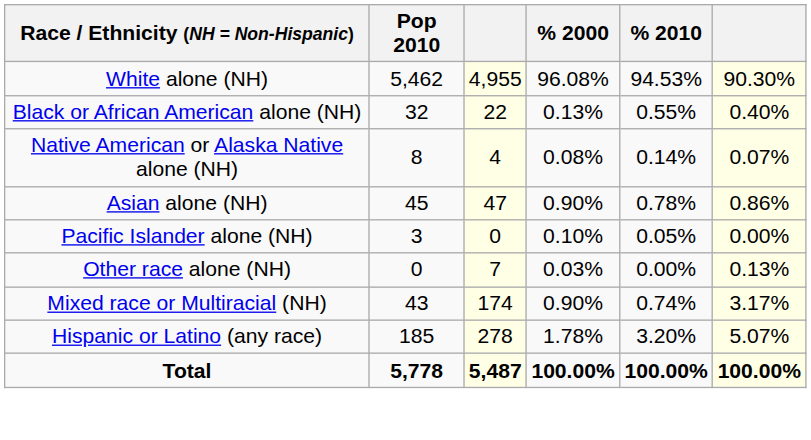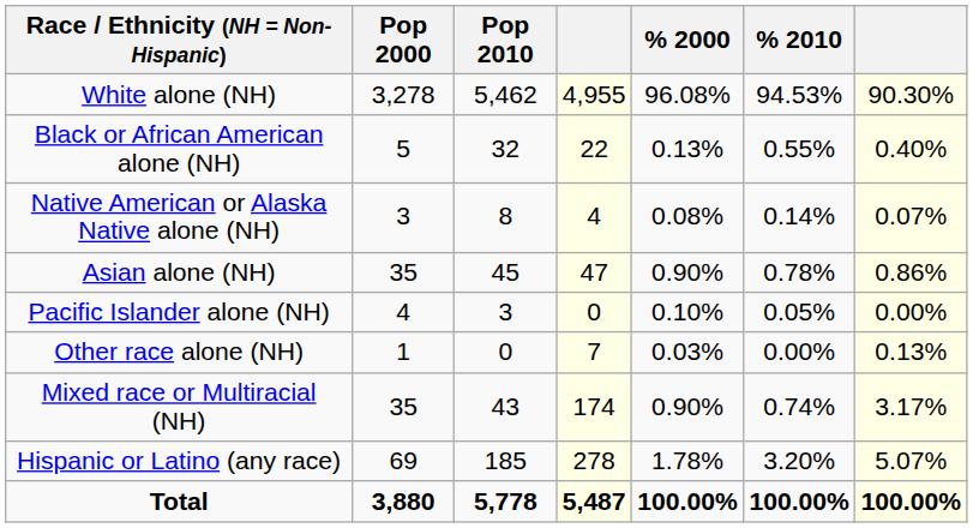 <table class="wikitable" style="text-align:center;">
 <tr>
 <th>Race / Ethnicity <small>(<em>NH = Non-Hispanic</em>)</small></th>
+<th>Pop 2000</th>
 <th>Pop 2010</th>
 <th></th>
 <th>% 2000</th>
 <th>% 2010</th>
 <th></th>
 </tr>
 <tr>
 <td><a href='#'>White</a> alone (NH)</td>
+<td>3,278</td>
 <td>5,462</td>
 <td style='background: #ffffe6;'>4,955</td>
 <td>96.08%</td>
 <td>94.53%</td>
 <td style='background: #ffffe6;'>90.30%</td>
 </tr>
 <tr>
 <td><a href='#'>Black or African American</a> alone (NH)</td>
+<td>5</td>
 <td>32</td>
 <td style='background: #ffffe6;'>22</td>
 <td>0.13%</td>
 <td>0.55%</td>
 <td style='background: #ffffe6;'>0.40%</td>
 </tr>
 <tr>
 <td><a href='#'>Native American</a> or <a href='#'>Alaska Native</a> alone (NH)</td>
+<td>3</td>
 <td>8</td>
 <td style='background: #ffffe6;'>4</td>
 <td>0.08%</td>
 <td>0.14%</td>
 <td style='background: #ffffe6;'>0.07%</td>
 </tr>
 <tr>
 <td><a href='#'>Asian</a> alone (NH)</td>
+<td>35</td>
 <td>45</td>
 <td style='background: #ffffe6;'>47</td>
 <td>0.90%</td>
 <td>0.78%</td>
 <td style='background: #ffffe6;'>0.86%</td>
 </tr>
 <tr>
 <td><a href='#'>Pacific Islander</a> alone (NH)</td>
+<td>4</td>
 <td>3</td>
 <td style='background: #ffffe6;'>0</td>
 <td>0.10%</td>
 <td>0.05%</td>
 <td style='background: #ffffe6;'>0.00%</td>
 </tr>
 <tr>
 <td><a href='#'>Other race</a> alone (NH)</td>
+<td>1</td>
 <td>0</td>
 <td style='background: #ffffe6;'>7</td>
 <td>0.03%</td>
 <td>0.00%</td>
 <td style='background: #ffffe6;'>0.13%</td>
 </tr>
 <tr>
 <td><a href='#'>Mixed race or Multiracial</a> (NH)</td>
+<td>35</td>
 <td>43</td>
 <td style='background: #ffffe6;'>174</td>
 <td>0.90%</td>
 <td>0.74%</td>
 <td style='background: #ffffe6;'>3.17%</td>
 </tr>
 <tr>
 <td><a href='#'>Hispanic or Latino</a> (any race)</td>
+<td>69</td>
 <td>185</td>
 <td style='background: #ffffe6;'>278</td>
 <td>1.78%</td>
 <td>3.20%</td>
 <td style='background: #ffffe6;'>5.07%</td>
 </tr>
 <tr>
 <td><strong>Total</strong></td>
+<td><strong>3,880</strong></td>
 <td><strong>5,778</strong></td>
 <td style='background: #ffffe6;'><strong>5,487</strong></td>
 <td><strong>100.00%</strong></td>
 <td><strong>100.00%</strong></td>
 <td style='background: #ffffe6;'><strong>100.00%</strong></td>
 </tr>
 </table>
